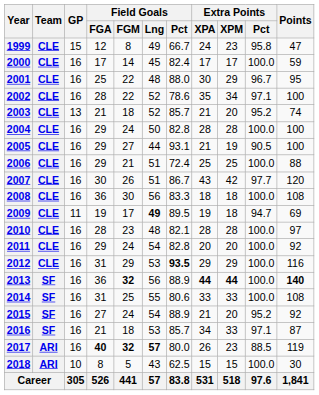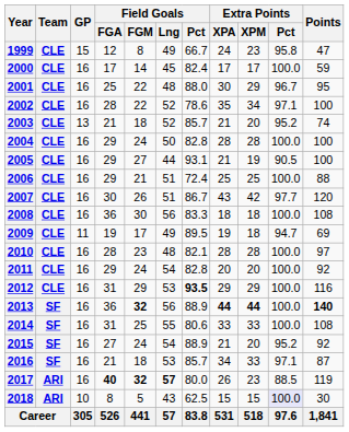 <table class="wikitable" style="text-align:center;">
 <tr>
 <th rowspan="2">Year</th>
 <th rowspan="2">Team</th>
 <th rowspan="2">GP</th>
 <th colspan="4">Field Goals</th>
 <th colspan="3">Extra Points</th>
 <th rowspan="2">Points</th>
 </tr>
 <tr>
 <th>FGA</th>
 <th>FGM</th>
 <th>Lng</th>
 <th>Pct</th>
 <th>XPA</th>
 <th>XPM</th>
 <th>Pct</th>
 </tr>
 <tr>
 <th><a href='#'>1999</a></th>
 <th><a href='#'>CLE</a></th>
 <td>15</td>
 <td>12</td>
 <td>8</td>
 <td>49</td>
 <td>66.7</td>
 <td>24</td>
 <td>23</td>
 <td>95.8</td>
 <td>47</td>
 </tr>
 <tr>
 <th><a href='#'>2000</a></th>
 <th><a href='#'>CLE</a></th>
 <td>16</td>
 <td>17</td>
 <td>14</td>
 <td>45</td>
 <td>82.4</td>
 <td>17</td>
 <td>17</td>
 <td>100.0</td>
 <td>59</td>
 </tr>
 <tr>
 <th><a href='#'>2001</a></th>
 <th><a href='#'>CLE</a></th>
 <td>16</td>
 <td>25</td>
 <td>22</td>
 <td>48</td>
 <td>88.0</td>
 <td>30</td>
 <td>29</td>
 <td>96.7</td>
 <td>95</td>
 </tr>
 <tr>
 <th><a href='#'>2002</a></th>
 <th><a href='#'>CLE</a></th>
 <td>16</td>
 <td>28</td>
 <td>22</td>
 <td>52</td>
 <td>78.6</td>
 <td>35</td>
 <td>34</td>
 <td>97.1</td>
 <td>100</td>
 </tr>
 <tr>
 <th><a href='#'>2003</a></th>
 <th><a href='#'>CLE</a></th>
 <td>13</td>
 <td>21</td>
 <td>18</td>
 <td>52</td>
 <td>85.7</td>
 <td>21</td>
 <td>20</td>
 <td>95.2</td>
 <td>74</td>
 </tr>
 <tr>
 <th><a href='#'>2004</a></th>
 <th><a href='#'>CLE</a></th>
 <td>16</td>
 <td>29</td>
 <td>24</td>
 <td>50</td>
 <td>82.8</td>
 <td>28</td>
 <td>28</td>
 <td>100.0</td>
 <td>100</td>
 </tr>
 <tr>
 <th><a href='#'>2005</a></th>
 <th><a href='#'>CLE</a></th>
 <td>16</td>
 <td>29</td>
 <td>27</td>
 <td>44</td>
 <td>93.1</td>
 <td>21</td>
 <td>19</td>
 <td>90.5</td>
 <td>100</td>
 </tr>
 <tr>
 <th><a href='#'>2006</a></th>
 <th><a href='#'>CLE</a></th>
 <td>16</td>
 <td>29</td>
 <td>21</td>
 <td>51</td>
 <td>72.4</td>
 <td>25</td>
 <td>25</td>
 <td>100.0</td>
 <td>88</td>
 </tr>
 <tr>
 <th><a href='#'>2007</a></th>
 <th><a href='#'>CLE</a></th>
 <td>16</td>
 <td>30</td>
 <td>26</td>
 <td>51</td>
 <td>86.7</td>
 <td>43</td>
 <td>42</td>
 <td>97.7</td>
 <td>120</td>
 </tr>
 <tr>
 <th><a href='#'>2008</a></th>
 <th><a href='#'>CLE</a></th>
 <td>16</td>
 <td>36</td>
 <td>30</td>
 <td>56</td>
 <td>83.3</td>
 <td>18</td>
 <td>18</td>
 <td>100.0</td>
 <td>108</td>
 </tr>
 <tr>
 <th><a href='#'>2009</a></th>
 <th><a href='#'>CLE</a></th>
 <td>11</td>
 <td>19</td>
 <td>17</td>
-<td><strong>49</strong></td>
+<td>49</td>
 <td>89.5</td>
 <td>19</td>
 <td>18</td>
 <td>94.7</td>
 <td>69</td>
 </tr>
 <tr>
 <th><a href='#'>2010</a></th>
 <th><a href='#'>CLE</a></th>
 <td>16</td>
 <td>28</td>
 <td>23</td>
 <td>48</td>
 <td>82.1</td>
 <td>28</td>
 <td>28</td>
 <td>100.0</td>
 <td>97</td>
 </tr>
 <tr>
 <th><a href='#'>2011</a></th>
 <th><a href='#'>CLE</a></th>
 <td>16</td>
 <td>29</td>
 <td>24</td>
 <td>54</td>
 <td>82.8</td>
 <td>20</td>
 <td>20</td>
 <td>100.0</td>
 <td>92</td>
 </tr>
 <tr>
 <th><a href='#'>2012</a></th>
 <th><a href='#'>CLE</a></th>
 <td>16</td>
 <td>31</td>
 <td>29</td>
 <td>53</td>
 <td><strong>93.5</strong></td>
 <td>29</td>
 <td>29</td>
 <td>100.0</td>
 <td>116</td>
 </tr>
 <tr>
 <th><a href='#'>2013</a></th>
 <th><a href='#'>SF</a></th>
 <td>16</td>
 <td>36</td>
 <td><strong>32</strong></td>
 <td>56</td>
 <td>88.9</td>
 <td><strong>44</strong></td>
 <td><strong>44</strong></td>
 <td>100.0</td>
 <td><strong>140</strong></td>
 </tr>
 <tr>
 <th><a href='#'>2014</a></th>
 <th><a href='#'>SF</a></th>
 <td>16</td>
 <td>31</td>
 <td>25</td>
 <td>55</td>
 <td>80.6</td>
 <td>33</td>
 <td>33</td>
 <td>100.0</td>
 <td>108</td>
 </tr>
 <tr>
 <th><a href='#'>2015</a></th>
 <th><a href='#'>SF</a></th>
 <td>16</td>
 <td>27</td>
 <td>24</td>
 <td>54</td>
 <td>88.9</td>
 <td>21</td>
 <td>20</td>
 <td>95.2</td>
 <td>92</td>
 </tr>
 <tr>
 <th><a href='#'>2016</a></th>
 <th><a href='#'>SF</a></th>
 <td>16</td>
 <td>21</td>
 <td>18</td>
 <td>53</td>
 <td>85.7</td>
 <td>34</td>
 <td>33</td>
 <td>97.1</td>
 <td>87</td>
 </tr>
 <tr>
 <th><a href='#'>2017</a></th>
 <th><a href='#'>ARI</a></th>
 <td>16</td>
 <td><strong>40</strong></td>
 <td><strong>32</strong></td>
 <td><strong>57</strong></td>
 <td>80.0</td>
 <td>26</td>
 <td>23</td>
 <td>88.5</td>
 <td>119</td>
 </tr>
 <tr>
 <th><a href='#'>2018</a></th>
 <th><a href='#'>ARI</a></th>
 <td>10</td>
 <td>8</td>
 <td>5</td>
 <td>43</td>
 <td>62.5</td>
 <td>15</td>
 <td>15</td>
-<td>100.0</td>
+<td style="background: lavender;">100.0</td>
 <td>30</td>
 </tr>
 <tr>
 <th colspan="2">Career</th>
 <th>305</th>
 <th>526</th>
 <th>441</th>
 <th>57</th>
 <th>83.8</th>
 <th>531</th>
 <th>518</th>
 <th>97.6</th>
 <th>1,841</th>
 </tr>
 </table>
